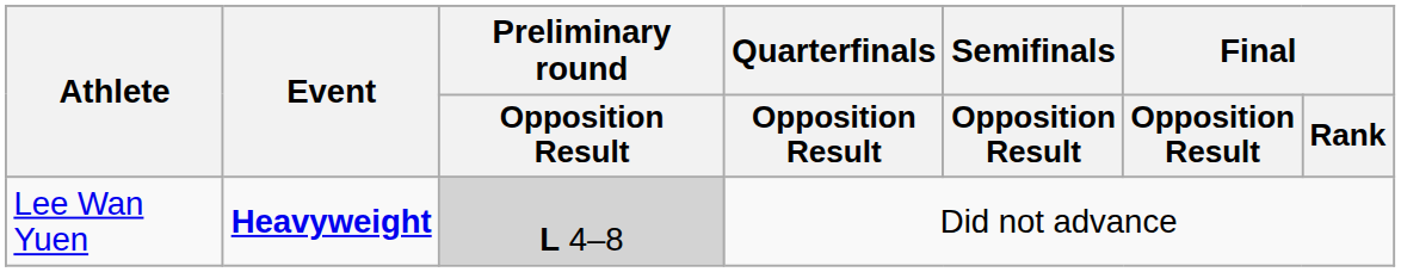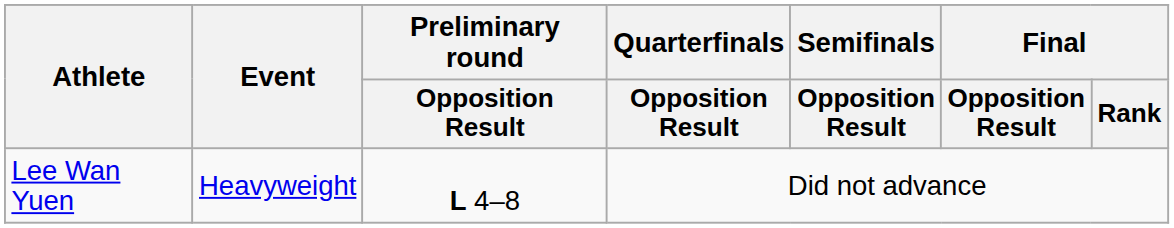 <table class="wikitable" style="font-size:90%;">
 <tr>
 <th rowspan=2>Athlete</th>
 <th rowspan=2>Event</th>
 <th>Preliminary round</th>
 <th>Quarterfinals</th>
 <th>Semifinals</th>
 <th colspan=2>Final</th>
 </tr>
 <tr style="font-size:95%">
 <th>Opposition<br>Result</th>
 <th>Opposition<br>Result</th>
 <th>Opposition<br>Result</th>
 <th>Opposition<br>Result</th>
 <th>Rank</th>
 </tr>
 <tr align=center>
 <td align=left><a href='#'>Lee Wan Yuen</a></td>
-<td align=left><strong><a href='#'>Heavyweight</a></strong></td>
-<td style="background: lightgrey;"><br><strong>L</strong> 4–8</td>
+<td align=left><a href='#'>Heavyweight</a></td>
+<td><br><strong>L</strong> 4–8</td>
 <td colspan=4>Did not advance</td>
 </tr>
 </table>
